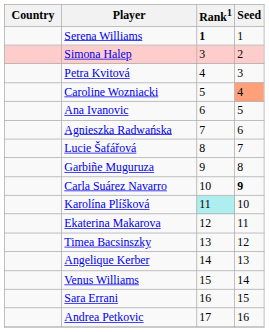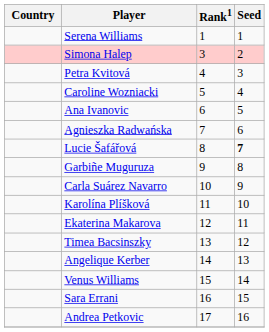 <table class="sortable wikitable">
 <tr>
 <th width="70">Country</th>
 <th width="175">Player</th>
 <th>Rank<sup>1</sup></th>
 <th>Seed</th>
 </tr>
 <tr>
 <td></td>
 <td><a href='#'>Serena Williams</a></td>
-<td><strong>1</strong></td>
+<td>1</td>
 <td>1</td>
 </tr>
 <tr style="background:#fcc;">
 <td></td>
 <td><a href='#'>Simona Halep</a></td>
 <td>3</td>
 <td>2</td>
 </tr>
 <tr>
 <td></td>
 <td><a href='#'>Petra Kvitová</a></td>
 <td>4</td>
 <td>3</td>
 </tr>
 <tr>
 <td></td>
 <td><a href='#'>Caroline Wozniacki</a></td>
 <td>5</td>
-<td style="background: lightsalmon;">4</td>
+<td>4</td>
 </tr>
 <tr>
 <td></td>
 <td><a href='#'>Ana Ivanovic</a></td>
 <td>6</td>
 <td>5</td>
 </tr>
 <tr>
 <td></td>
 <td><a href='#'>Agnieszka Radwańska</a></td>
 <td>7</td>
 <td>6</td>
 </tr>
 <tr>
 <td></td>
 <td><a href='#'>Lucie Šafářová</a></td>
 <td>8</td>
-<td>7</td>
+<td><strong>7</strong></td>
 </tr>
 <tr>
 <td></td>
 <td><a href='#'>Garbiñe Muguruza</a></td>
 <td>9</td>
 <td>8</td>
 </tr>
 <tr>
 <td></td>
 <td><a href='#'>Carla Suárez Navarro</a></td>
 <td>10</td>
-<td><strong>9</strong></td>
+<td>9</td>
 </tr>
 <tr>
 <td></td>
 <td><a href='#'>Karolína Plíšková</a></td>
-<td style="background: paleturquoise;">11</td>
+<td>11</td>
 <td>10</td>
 </tr>
 <tr>
 <td></td>
 <td><a href='#'>Ekaterina Makarova</a></td>
 <td>12</td>
 <td>11</td>
 </tr>
 <tr>
 <td></td>
 <td><a href='#'>Timea Bacsinszky</a></td>
 <td>13</td>
 <td>12</td>
 </tr>
 <tr>
 <td></td>
 <td><a href='#'>Angelique Kerber</a></td>
 <td>14</td>
 <td>13</td>
 </tr>
 <tr>
 <td></td>
 <td><a href='#'>Venus Williams</a></td>
 <td>15</td>
 <td>14</td>
 </tr>
 <tr>
 <td></td>
 <td><a href='#'>Sara Errani</a></td>
 <td>16</td>
 <td>15</td>
 </tr>
 <tr>
 <td></td>
 <td><a href='#'>Andrea Petkovic</a></td>
 <td>17</td>
 <td>16</td>
 </tr>
 <tr>
 </tr>
 </table>
